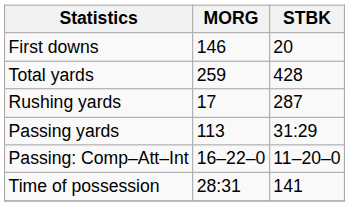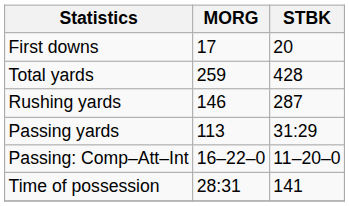 <table class="wikitable" style="float: left;">
 <tr>
 <th>Statistics</th>
 <th>MORG</th>
 <th>STBK</th>
 </tr>
 <tr>
 <td>First downs</td>
-<td>146</td>
+<td>17</td>
 <td>20</td>
 </tr>
 <tr>
 <td>Total yards</td>
 <td>259</td>
 <td>428</td>
 </tr>
 <tr>
 <td>Rushing yards</td>
-<td>17</td>
+<td>146</td>
 <td>287</td>
 </tr>
 <tr>
 <td>Passing yards</td>
 <td>113</td>
 <td>31:29</td>
 </tr>
 <tr>
 <td>Passing: Comp–Att–Int</td>
 <td>16–22–0</td>
 <td>11–20–0</td>
 </tr>
 <tr>
 <td>Time of possession</td>
 <td>28:31</td>
 <td>141</td>
 </tr>
 <tr>
 </tr>
 </table>
